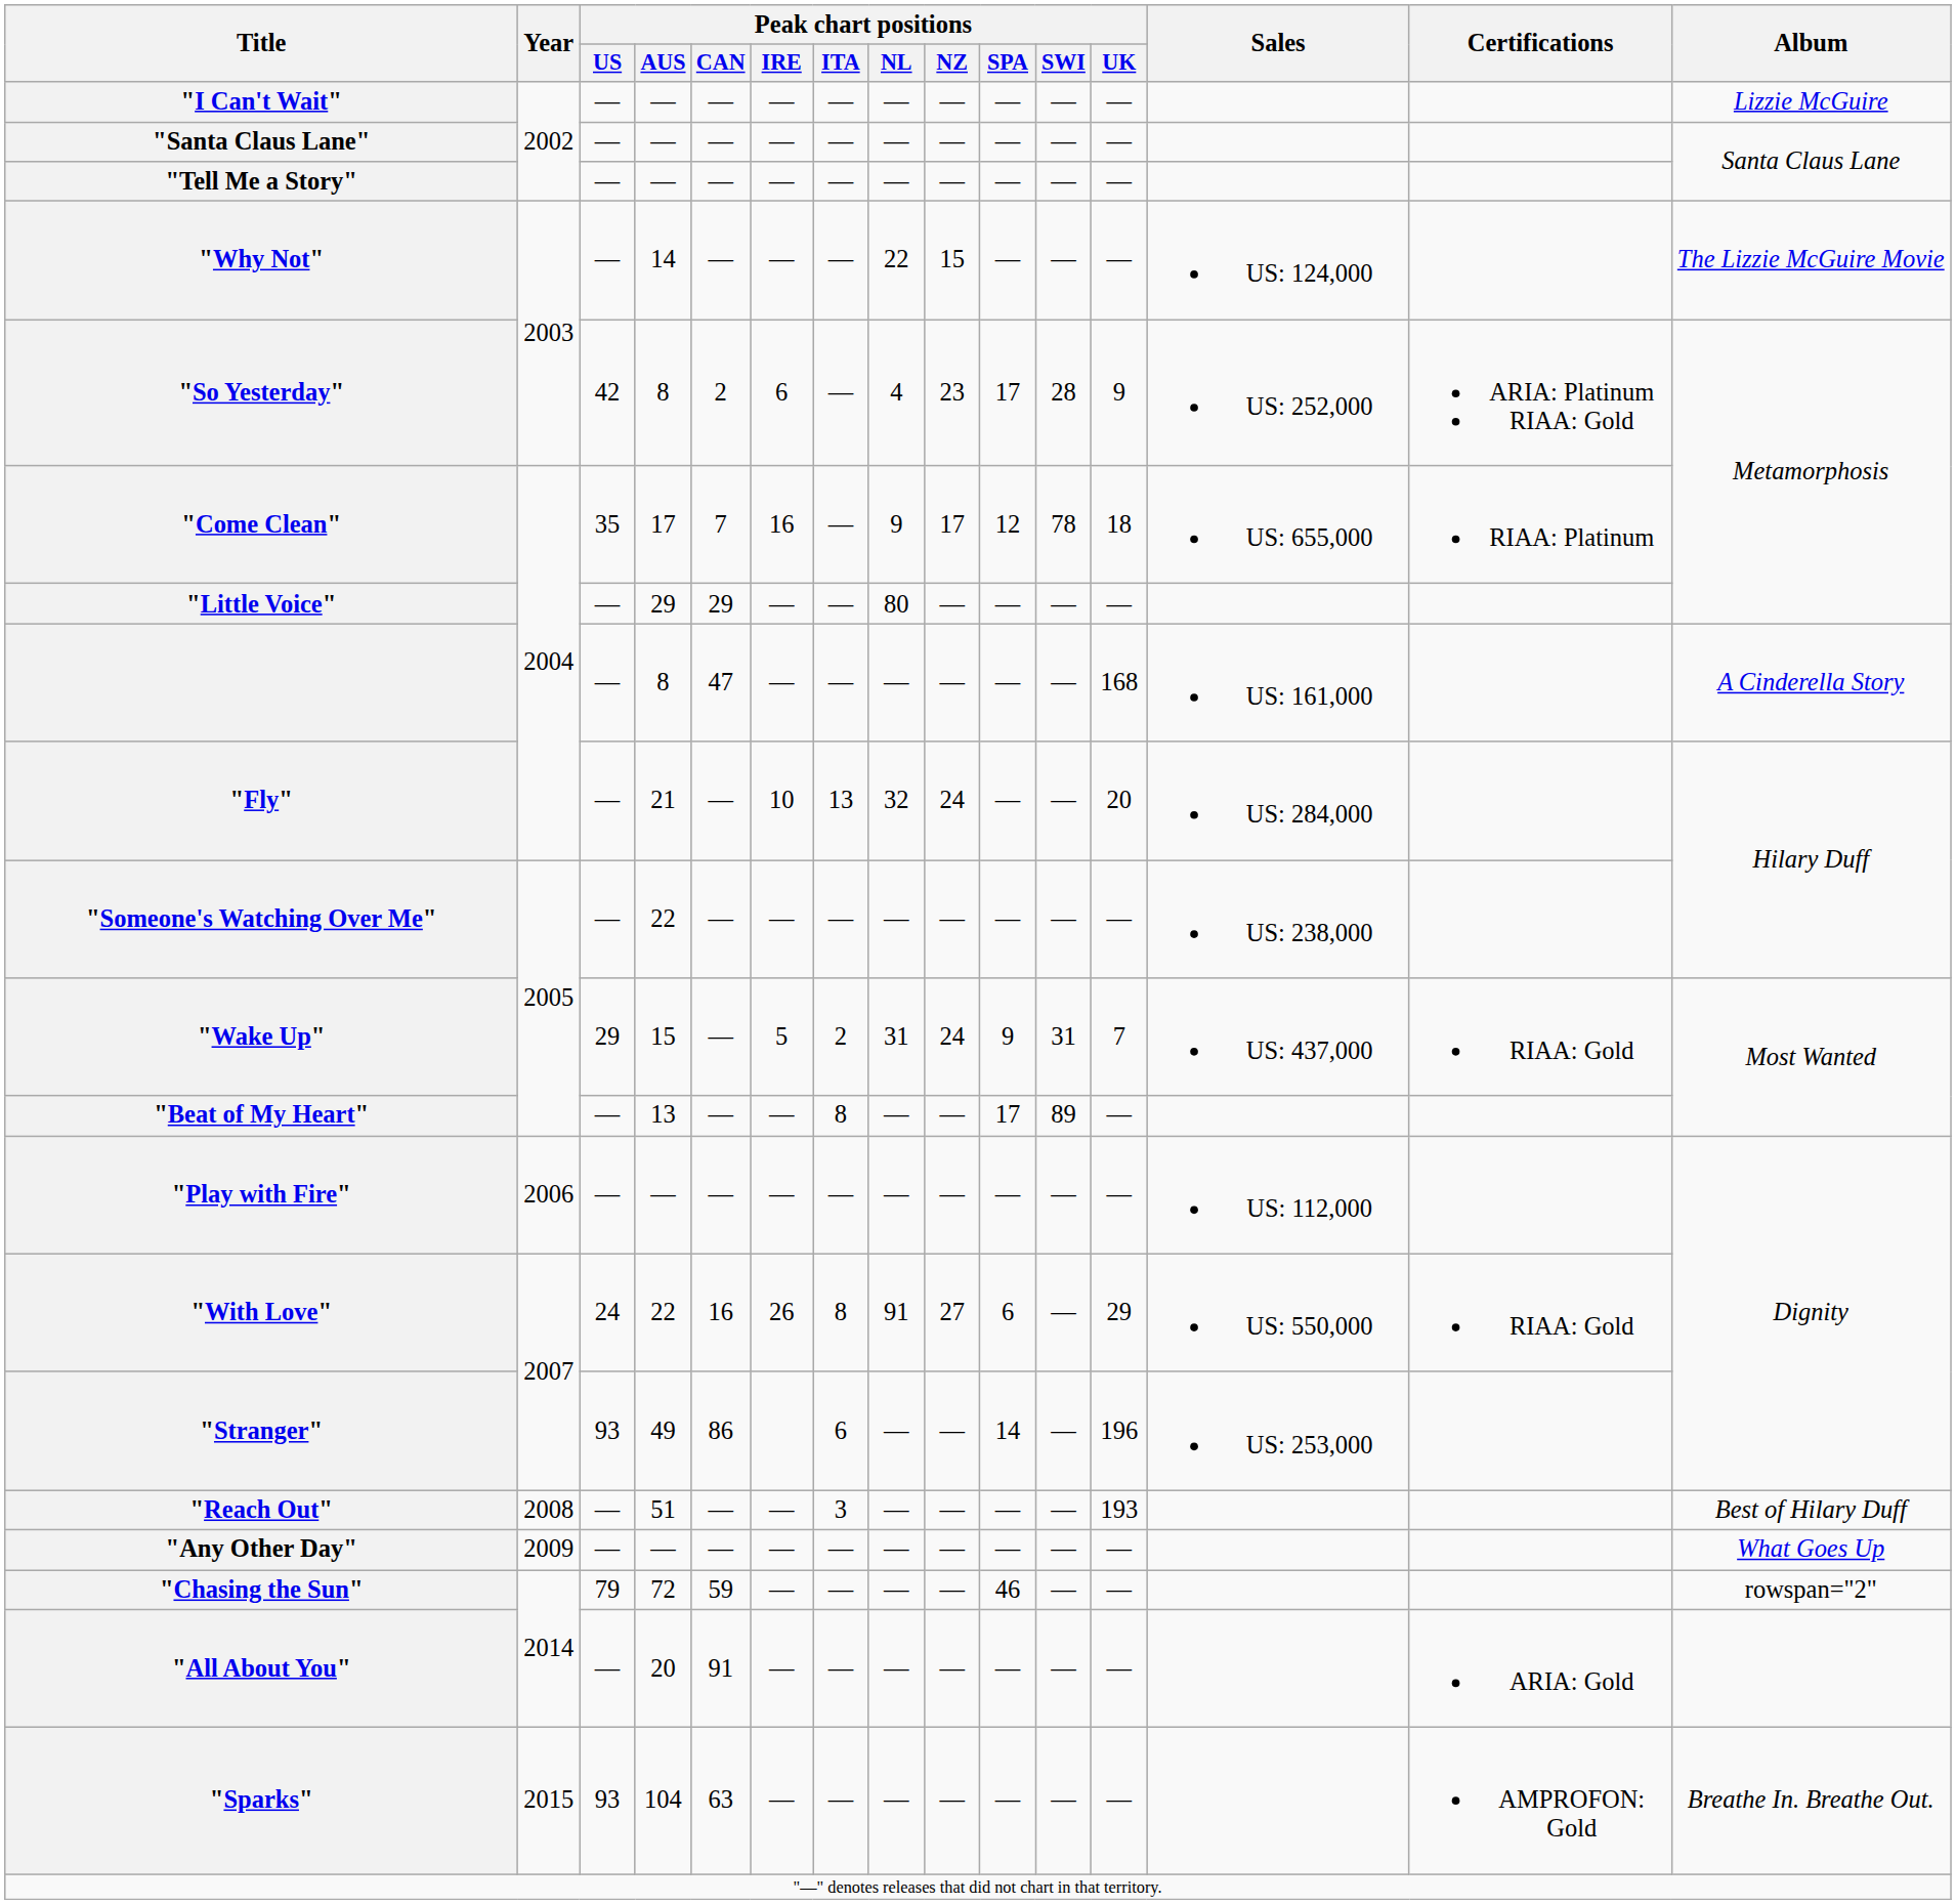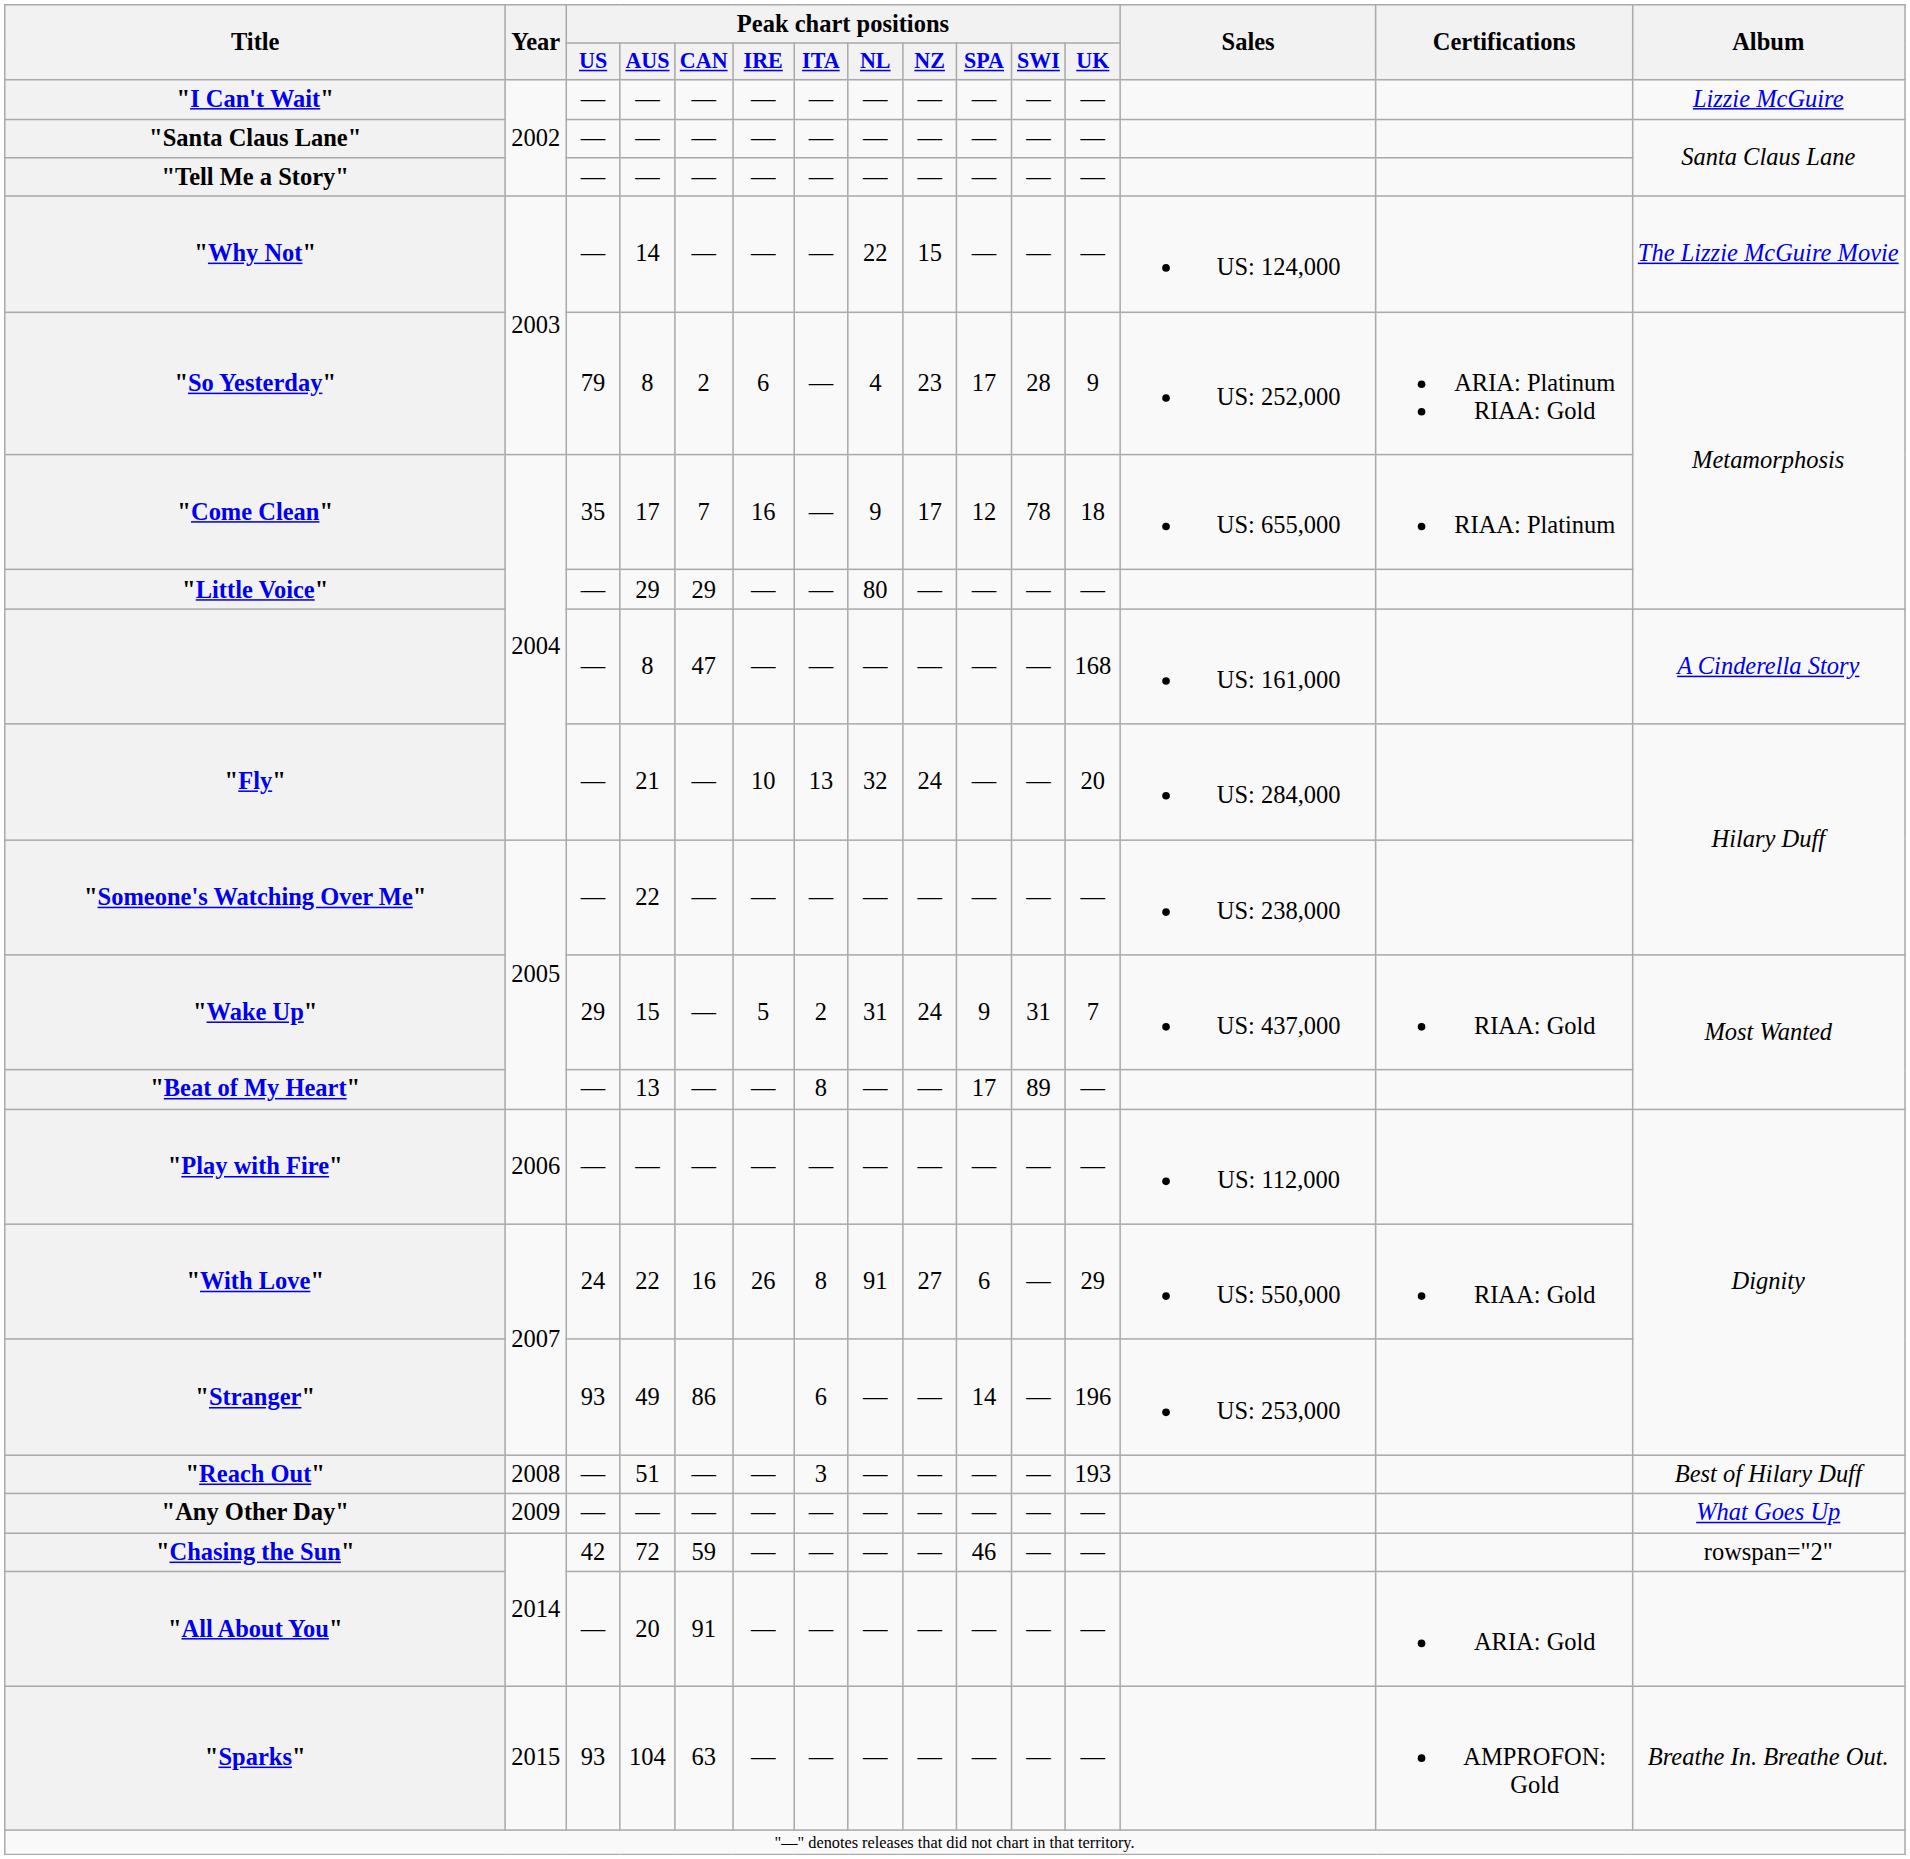 <table class="wikitable plainrowheaders" style="text-align:center;">
 <tr>
 <th scope="col" rowspan="2" style="width:20em;">Title</th>
 <th scope="col" rowspan="2">Year</th>
 <th scope="col" colspan="10">Peak chart positions</th>
 <th scope="col" rowspan="2" style="width:10em;">Sales</th>
 <th scope="col" rowspan="2" style="width:10em;">Certifications</th>
 <th scope="col" rowspan="2">Album</th>
 </tr>
 <tr>
 <th scope="col" style="width:2em; font-size:90%;"><a href='#'>US</a><br></th>
 <th scope="col" style="width:2em; font-size:90%;"><a href='#'>AUS</a><br></th>
 <th scope="col" style="width:2em; font-size:90%;"><a href='#'>CAN</a><br></th>
 <th scope="col" style="width:2.3em;font-size:90%;"><a href='#'>IRE</a><br></th>
 <th scope="col" style="width:2em; font-size:90%;"><a href='#'>ITA</a><br></th>
 <th scope="col" style="width:2em; font-size:90%;"><a href='#'>NL</a><br></th>
 <th scope="col" style="width:2em; font-size:90%;"><a href='#'>NZ</a><br></th>
 <th scope="col" style="width:2em; font-size:90%;"><a href='#'>SPA</a><br></th>
 <th scope="col" style="width:2em; font-size:90%;"><a href='#'>SWI</a><br></th>
 <th scope="col" style="width:2em; font-size:90%;"><a href='#'>UK</a><br></th>
 </tr>
 <tr>
 <th scope="row">"<a href='#'>I Can't Wait</a>"</th>
 <td rowspan = "3">2002</td>
 <td>—</td>
 <td>—</td>
 <td>—</td>
 <td>—</td>
 <td>—</td>
 <td>—</td>
 <td>—</td>
 <td>—</td>
 <td>—</td>
 <td>—</td>
 <td></td>
 <td></td>
 <td><em><a href='#'>Lizzie McGuire</a></em></td>
 </tr>
 <tr>
 <th scope="row">"Santa Claus Lane"</th>
 <td>—</td>
 <td>—</td>
 <td>—</td>
 <td>—</td>
 <td>—</td>
 <td>—</td>
 <td>—</td>
 <td>—</td>
 <td>—</td>
 <td>—</td>
 <td></td>
 <td></td>
 <td rowspan = "2"><em>Santa Claus Lane</em></td>
 </tr>
 <tr>
 <th scope="row">"Tell Me a Story"<br></th>
 <td>—</td>
 <td>—</td>
 <td>—</td>
 <td>—</td>
 <td>—</td>
 <td>—</td>
 <td>—</td>
 <td>—</td>
 <td>—</td>
 <td>—</td>
 <td></td>
 <td></td>
 </tr>
 <tr>
 <th scope="row">"<a href='#'>Why Not</a>"</th>
 <td rowspan="2">2003</td>
 <td>—</td>
 <td>14</td>
 <td>—</td>
 <td>—</td>
 <td>—</td>
 <td>22</td>
 <td>15</td>
 <td>—</td>
 <td>—</td>
 <td>—</td>
 <td><br><ul><li>US: 124,000</li></ul></td>
 <td></td>
 <td><em><a href='#'>The Lizzie McGuire Movie</a></em></td>
 </tr>
 <tr>
 <th scope="row">"<a href='#'>So Yesterday</a>"</th>
-<td>42</td>
+<td>79</td>
 <td>8</td>
 <td>2</td>
 <td>6</td>
 <td>—</td>
 <td>4</td>
 <td>23</td>
 <td>17</td>
 <td>28</td>
 <td>9</td>
 <td><br><ul><li>US: 252,000</li></ul></td>
 <td><br><ul><li>ARIA: Platinum</li><li>RIAA: Gold</li></ul></td>
 <td rowspan="3"><em>Metamorphosis</em></td>
 </tr>
 <tr>
 <th scope="row">"<a href='#'>Come Clean</a>"</th>
 <td rowspan="4">2004</td>
 <td>35</td>
 <td>17</td>
 <td>7</td>
 <td>16</td>
 <td>—</td>
 <td>9</td>
 <td>17</td>
 <td>12</td>
 <td>78</td>
 <td>18</td>
 <td><br><ul><li>US: 655,000</li></ul></td>
 <td><br><ul><li>RIAA: Platinum</li></ul></td>
 </tr>
 <tr>
 <th scope="row">"<a href='#'>Little Voice</a>"</th>
 <td>—</td>
 <td>29</td>
 <td>29</td>
 <td>—</td>
 <td>—</td>
 <td>80</td>
 <td>—</td>
 <td>—</td>
 <td>—</td>
 <td>—</td>
 <td></td>
 </tr>
 <tr>
 <th scope="row"><br></th>
 <td>—</td>
 <td>8</td>
 <td>47</td>
 <td>—</td>
 <td>—</td>
 <td>—</td>
 <td>—</td>
 <td>—</td>
 <td>—</td>
 <td>168</td>
 <td><br><ul><li>US: 161,000</li></ul></td>
 <td></td>
 <td><em><a href='#'>A Cinderella Story</a></em></td>
 </tr>
 <tr>
 <th scope="row">"<a href='#'>Fly</a>"</th>
 <td>—</td>
 <td>21</td>
 <td>—</td>
 <td>10</td>
 <td>13</td>
 <td>32</td>
 <td>24</td>
 <td>—</td>
 <td>—</td>
 <td>20</td>
 <td><br><ul><li>US: 284,000</li></ul></td>
 <td></td>
 <td rowspan="2"><em>Hilary Duff</em></td>
 </tr>
 <tr>
 <th scope="row">"<a href='#'>Someone's Watching Over Me</a>"</th>
 <td rowspan="3">2005</td>
 <td>—</td>
 <td>22</td>
 <td>—</td>
 <td>—</td>
 <td>—</td>
 <td>—</td>
 <td>—</td>
 <td>—</td>
 <td>—</td>
 <td>—</td>
 <td><br><ul><li>US: 238,000</li></ul></td>
 <td></td>
 </tr>
 <tr>
 <th scope="row">"<a href='#'>Wake Up</a>"</th>
 <td>29</td>
 <td>15</td>
 <td>—</td>
 <td>5</td>
 <td>2</td>
 <td>31</td>
 <td>24</td>
 <td>9</td>
 <td>31</td>
 <td>7</td>
 <td><br><ul><li>US: 437,000</li></ul></td>
 <td><br><ul><li>RIAA: Gold</li></ul></td>
 <td rowspan="2"><em>Most Wanted</em></td>
 </tr>
 <tr>
 <th scope="row">"<a href='#'>Beat of My Heart</a>"</th>
 <td>—</td>
 <td>13</td>
 <td>—</td>
 <td>—</td>
 <td>8</td>
 <td>—</td>
 <td>—</td>
 <td>17</td>
 <td>89</td>
 <td>—</td>
 <td></td>
 </tr>
 <tr>
 <th scope="row">"<a href='#'>Play with Fire</a>"</th>
 <td>2006</td>
 <td>—</td>
 <td>—</td>
 <td>—</td>
 <td>—</td>
 <td>—</td>
 <td>—</td>
 <td>—</td>
 <td>—</td>
 <td>—</td>
 <td>—</td>
 <td><br><ul><li>US: 112,000</li></ul></td>
 <td></td>
 <td rowspan="3"><em>Dignity</em></td>
 </tr>
 <tr>
 <th scope="row">"<a href='#'>With Love</a>"</th>
 <td rowspan="2">2007</td>
 <td>24</td>
 <td>22</td>
 <td>16</td>
 <td>26</td>
 <td>8</td>
 <td>91</td>
 <td>27</td>
 <td>6</td>
 <td>—</td>
 <td>29</td>
 <td><br><ul><li>US: 550,000</li></ul></td>
 <td><br><ul><li>RIAA: Gold</li></ul></td>
 </tr>
 <tr>
 <th scope="row">"<a href='#'>Stranger</a>"</th>
 <td>93</td>
 <td>49</td>
 <td>86</td>
 <td></td>
 <td>6</td>
 <td>—</td>
 <td>—</td>
 <td>14</td>
 <td>—</td>
 <td>196</td>
 <td><br><ul><li>US: 253,000</li></ul></td>
 <td></td>
 </tr>
 <tr>
 <th scope="row">"<a href='#'>Reach Out</a>"</th>
 <td>2008</td>
 <td>—</td>
 <td>51</td>
 <td>—</td>
 <td>—</td>
 <td>3</td>
 <td>—</td>
 <td>—</td>
 <td>—</td>
 <td>—</td>
 <td>193</td>
 <td></td>
 <td></td>
 <td><em>Best of Hilary Duff</em></td>
 </tr>
 <tr>
 <th scope="row">"Any Other Day"</th>
 <td>2009</td>
 <td>—</td>
 <td>—</td>
 <td>—</td>
 <td>—</td>
 <td>—</td>
 <td>—</td>
 <td>—</td>
 <td>—</td>
 <td>—</td>
 <td>—</td>
 <td></td>
 <td></td>
 <td><em><a href='#'>What Goes Up</a></em></td>
 </tr>
 <tr>
 <th scope="row">"<a href='#'>Chasing the Sun</a>"</th>
 <td rowspan="2">2014</td>
-<td>79</td>
+<td>42</td>
 <td>72</td>
 <td>59</td>
 <td>—</td>
 <td>—</td>
 <td>—</td>
 <td>—</td>
 <td>46</td>
 <td>—</td>
 <td>—</td>
 <td></td>
 <td></td>
 <td>rowspan="2" </td>
 </tr>
 <tr>
 <th scope="row">"<a href='#'>All About You</a>"</th>
 <td>—</td>
 <td>20</td>
 <td>91</td>
 <td>—</td>
 <td>—</td>
 <td>—</td>
 <td>—</td>
 <td>—</td>
 <td>—</td>
 <td>—</td>
 <td></td>
 <td><br><ul><li>ARIA: Gold</li></ul></td>
 </tr>
 <tr>
 <th scope="row">"<a href='#'>Sparks</a>"</th>
 <td>2015</td>
 <td>93</td>
 <td>104</td>
 <td>63</td>
 <td>—</td>
 <td>—</td>
 <td>—</td>
 <td>—</td>
 <td>—</td>
 <td>—</td>
 <td>—</td>
 <td></td>
 <td><br><ul><li>AMPROFON: Gold</li></ul></td>
 <td><em>Breathe In. Breathe Out.</em></td>
 </tr>
 <tr>
 <td colspan="15" style="text-align:center; font-size:8pt;">"—" denotes releases that did not chart in that territory.</td>
 </tr>
 </table>
